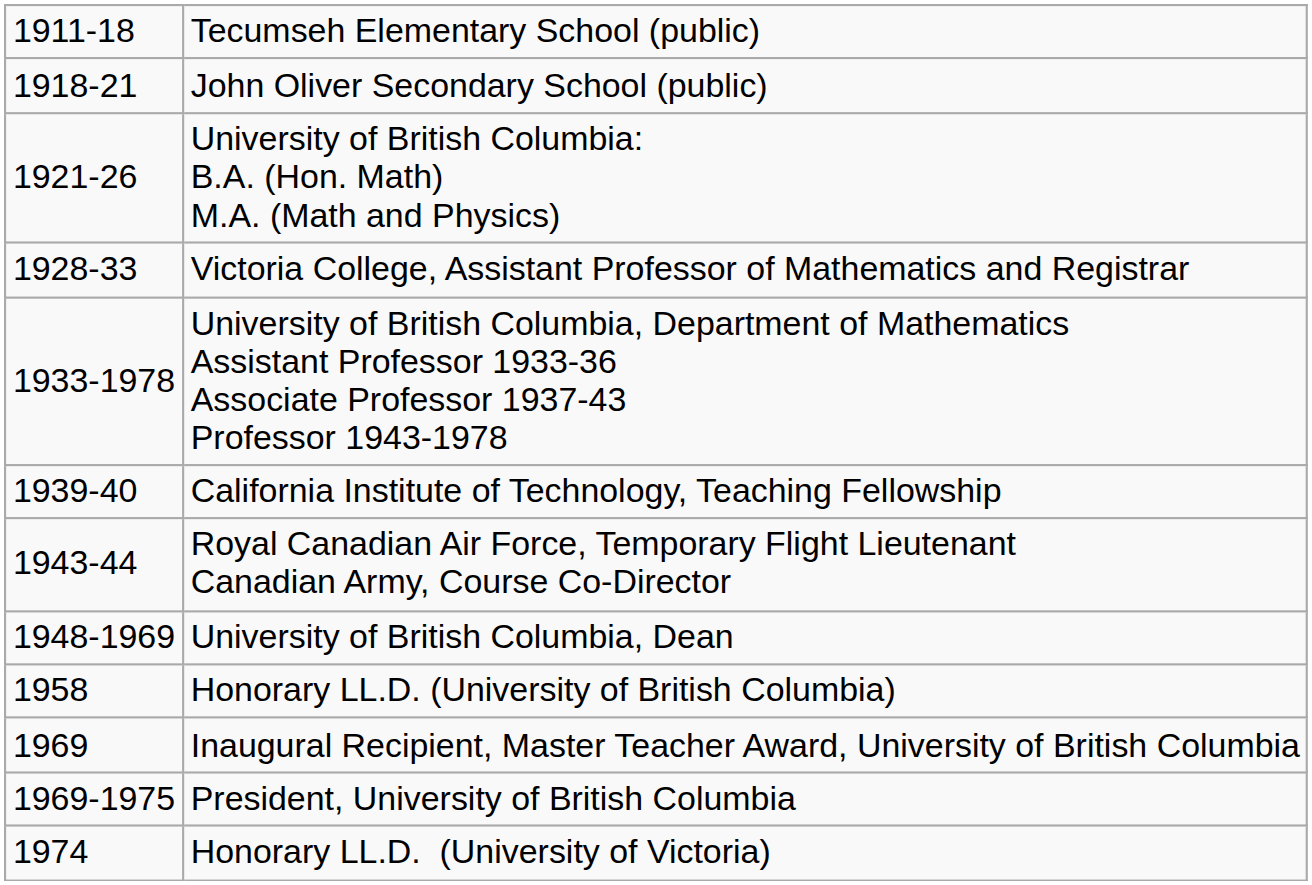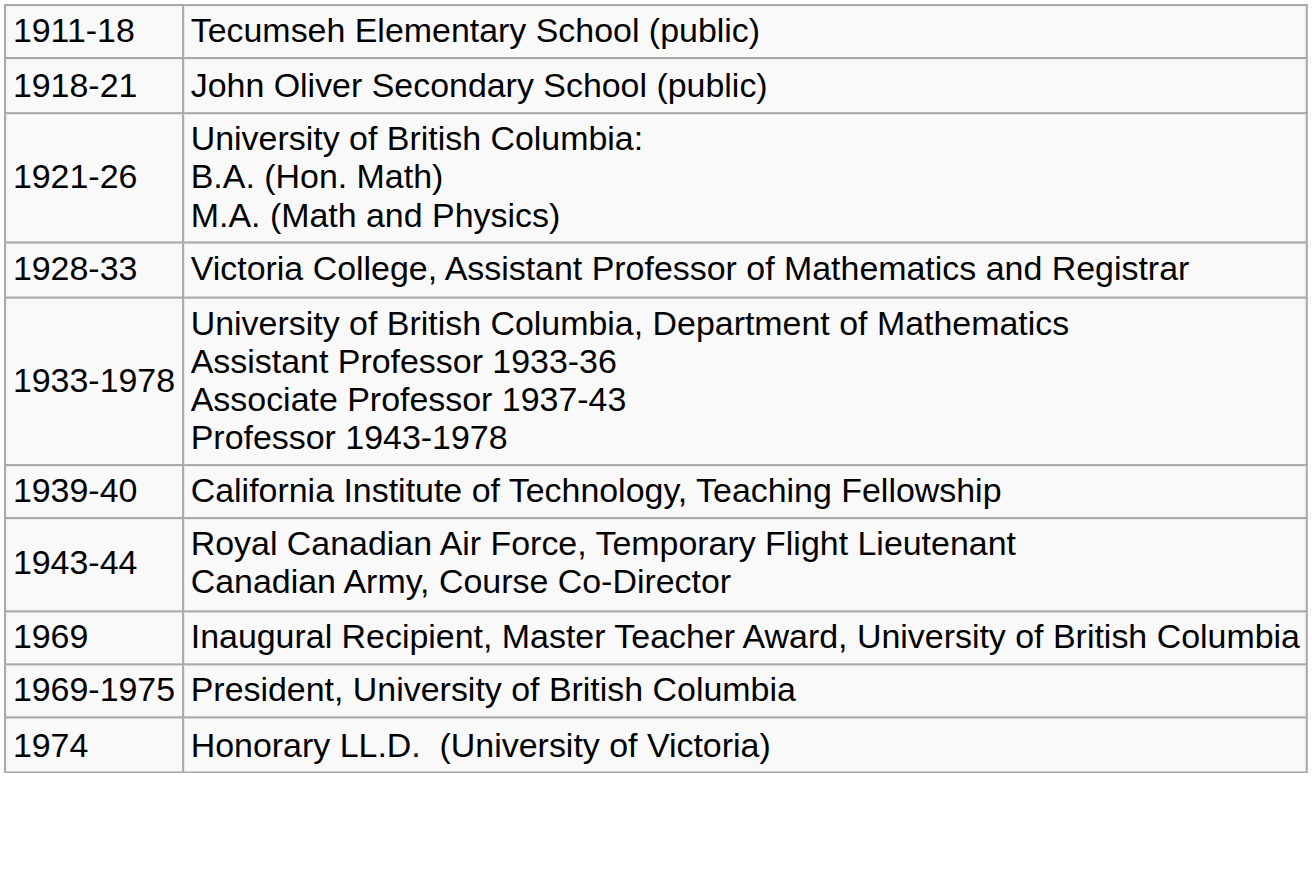 <table class="wikitable">
 <tr>
 <td>1911-18</td>
 <td>Tecumseh Elementary School (public)</td>
 </tr>
 <tr>
 <td>1918-21</td>
 <td>John Oliver Secondary School (public)</td>
 </tr>
 <tr>
 <td>1921-26</td>
 <td>University of British Columbia:<br>B.A. (Hon. Math)<br> M.A. (Math and Physics)</td>
 </tr>
 <tr>
 <td>1928-33</td>
 <td>Victoria College, Assistant Professor of Mathematics and Registrar</td>
 </tr>
 <tr>
 <td>1933-1978</td>
 <td>University of British Columbia, Department of Mathematics<br>Assistant Professor 1933-36<br>Associate Professor 1937-43<br>Professor 1943-1978</td>
 </tr>
 <tr>
 <td>1939-40</td>
 <td>California Institute of Technology, Teaching Fellowship</td>
 </tr>
 <tr>
 <td>1943-44</td>
 <td>Royal Canadian Air Force, Temporary Flight Lieutenant<br>Canadian Army, Course Co-Director</td>
 </tr>
 <tr>
-<td>1948-1969</td>
-<td>University of British Columbia, Dean</td>
-</tr>
-<tr>
-<td>1958</td>
-<td>Honorary LL.D. (University of British Columbia)</td>
-</tr>
-<tr>
 <td>1969</td>
 <td>Inaugural Recipient, Master Teacher Award, University of British Columbia</td>
 </tr>
 <tr>
 <td>1969-1975</td>
 <td>President, University of British Columbia</td>
 </tr>
 <tr>
 <td>1974</td>
 <td>Honorary LL.D.  (University of Victoria)</td>
 </tr>
 </table>
